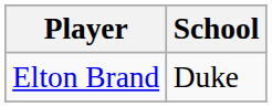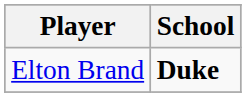 <table class="wikitable sortable">
 <tr>
 <th>Player</th>
 <th>School</th>
 </tr>
 <tr>
 <td><a href='#'>Elton Brand</a></td>
-<td>Duke</td>
+<td><strong>Duke</strong></td>
 </tr>
 </table>
